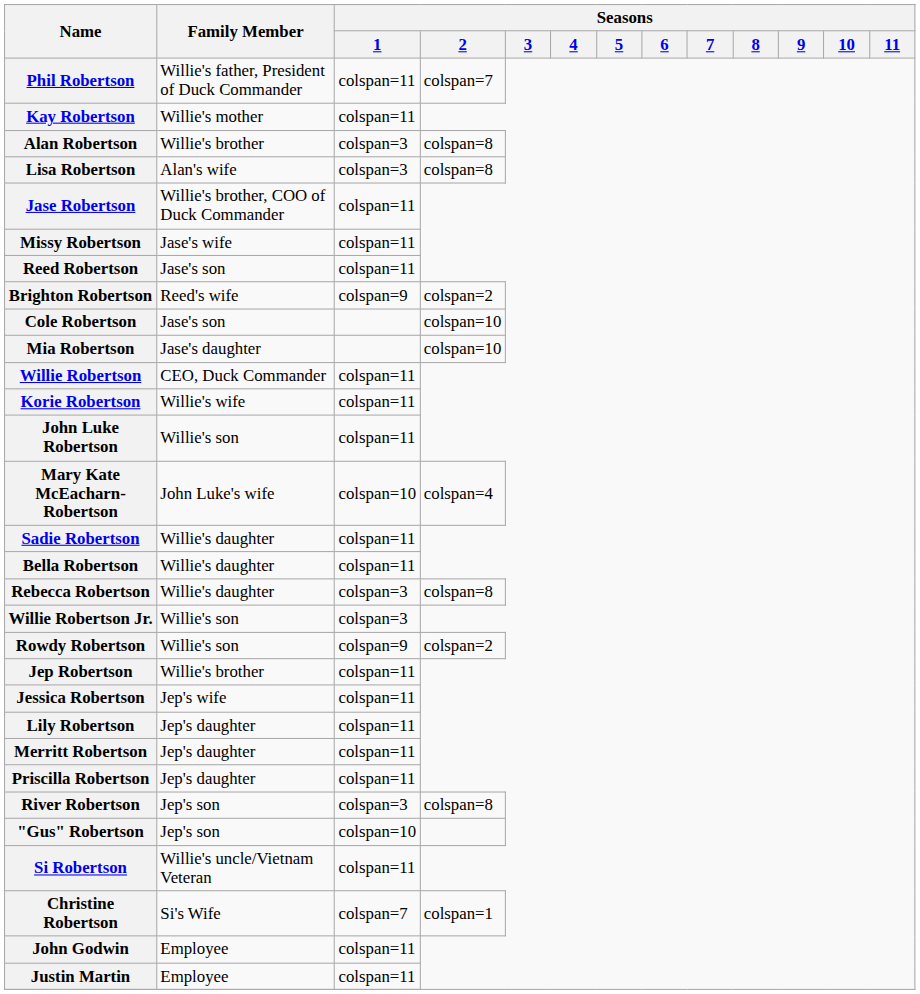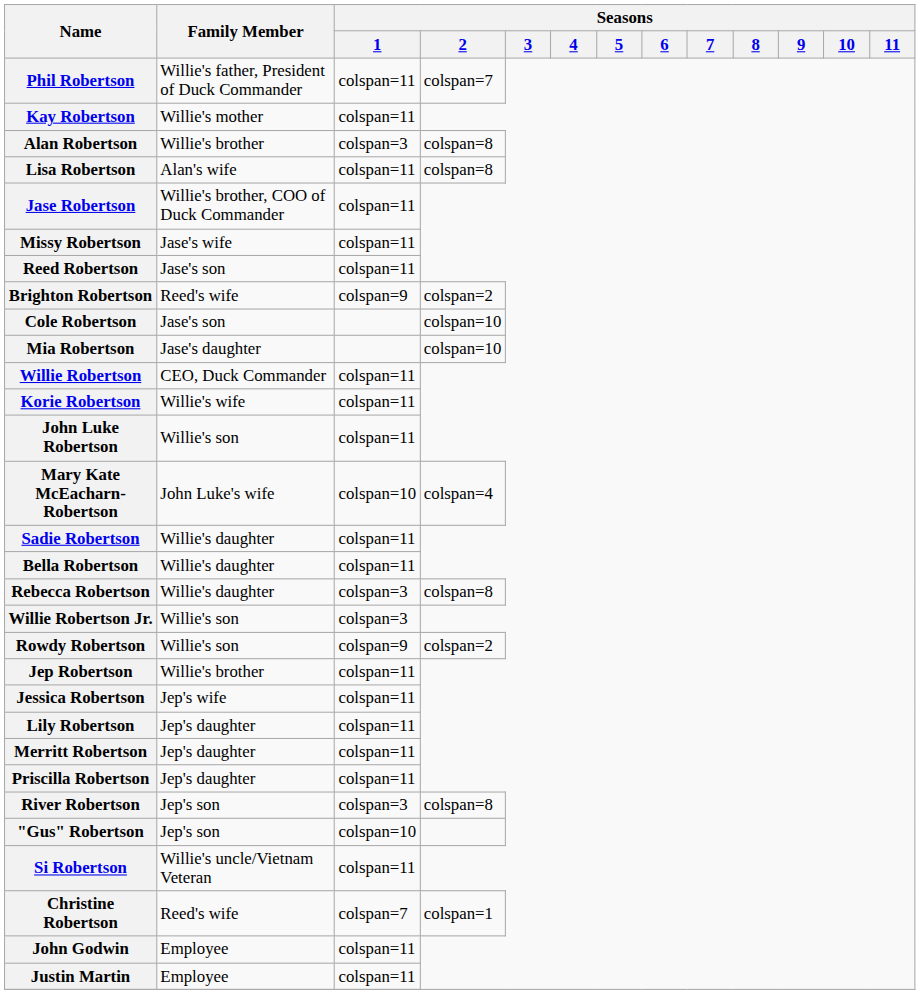 <table class="wikitable plainrowheaders">
 <tr>
 <th scope="col" rowspan="2">Name</th>
 <th scope="col" rowspan="2">Family Member</th>
 <th scope="col" colspan="11">Seasons</th>
 </tr>
 <tr>
 <th scope="col" style="width:5%;"><a href='#'>1</a></th>
 <th scope="col" style="width:5%;"><a href='#'>2</a></th>
 <th scope="col" style="width:5%;"><a href='#'>3</a></th>
 <th scope="col" style="width:5%;"><a href='#'>4</a></th>
 <th scope="col" style="width:5%;"><a href='#'>5</a></th>
 <th scope="col" style="width:5%;"><a href='#'>6</a></th>
 <th scope="col" style="width:5%;"><a href='#'>7</a></th>
 <th scope="col" style="width:5%;"><a href='#'>8</a></th>
 <th scope="col" style="width:5%;"><a href='#'>9</a></th>
 <th scope="col" style="width:5%;"><a href='#'>10</a></th>
 <th scope="col" style="width:5%;"><a href='#'>11</a></th>
 </tr>
 <tr>
 <th scope="row"><a href='#'>Phil Robertson</a></th>
 <td>Willie's father, President of Duck Commander</td>
 <td>colspan=11 </td>
 <td>colspan=7 </td>
 </tr>
 <tr>
 <th scope="row"><a href='#'>Kay Robertson</a></th>
 <td>Willie's mother</td>
 <td>colspan=11 </td>
 </tr>
 <tr>
 <th scope="row">Alan Robertson</th>
 <td>Willie's brother</td>
 <td>colspan=3 </td>
 <td>colspan=8 </td>
 </tr>
 <tr>
 <th scope="row">Lisa Robertson</th>
 <td>Alan's wife</td>
-<td>colspan=3 </td>
+<td>colspan=11 </td>
 <td>colspan=8 </td>
 </tr>
 <tr>
 <th scope="row"><a href='#'>Jase Robertson</a></th>
 <td>Willie's  brother, COO of Duck Commander</td>
 <td>colspan=11 </td>
 </tr>
 <tr>
 <th scope="row">Missy Robertson</th>
 <td>Jase's wife</td>
 <td>colspan=11 </td>
 </tr>
 <tr>
 <th scope="row">Reed Robertson</th>
 <td>Jase's son</td>
 <td>colspan=11 </td>
 </tr>
 <tr>
 <th scope="row">Brighton Robertson</th>
 <td>Reed's wife</td>
 <td>colspan=9 </td>
 <td>colspan=2 </td>
 </tr>
 <tr>
 <th scope="row">Cole Robertson</th>
 <td>Jase's son</td>
 <td></td>
 <td>colspan=10 </td>
 </tr>
 <tr>
 <th scope="row">Mia Robertson</th>
 <td>Jase's daughter</td>
 <td></td>
 <td>colspan=10 </td>
 </tr>
 <tr>
 <th scope="row"><a href='#'>Willie Robertson</a></th>
 <td>CEO, Duck Commander</td>
 <td>colspan=11 </td>
 </tr>
 <tr>
 <th scope="row"><a href='#'>Korie Robertson</a></th>
 <td>Willie's wife</td>
 <td>colspan=11 </td>
 </tr>
 <tr>
 <th scope="row">John Luke Robertson</th>
 <td>Willie's son</td>
 <td>colspan=11 </td>
 </tr>
 <tr>
 <th scope="row">Mary Kate McEacharn-Robertson</th>
 <td>John Luke's wife</td>
 <td>colspan=10 </td>
 <td>colspan=4 </td>
 </tr>
 <tr>
 <th scope="row"><a href='#'>Sadie Robertson</a></th>
 <td>Willie's daughter</td>
 <td>colspan=11 </td>
 </tr>
 <tr>
 <th scope="row">Bella Robertson</th>
 <td>Willie's daughter</td>
 <td>colspan=11 </td>
 </tr>
 <tr>
 <th scope="row">Rebecca Robertson</th>
 <td>Willie's daughter</td>
 <td>colspan=3 </td>
 <td>colspan=8 </td>
 </tr>
 <tr>
 <th scope="row">Willie Robertson Jr.</th>
 <td>Willie's son</td>
 <td>colspan=3 </td>
 </tr>
 <tr>
 <th scope="row">Rowdy Robertson</th>
 <td>Willie's son</td>
 <td>colspan=9 </td>
 <td>colspan=2 </td>
 </tr>
 <tr>
 <th scope="row">Jep Robertson</th>
 <td>Willie's brother</td>
 <td>colspan=11 </td>
 </tr>
 <tr>
 <th scope="row">Jessica Robertson</th>
 <td>Jep's wife</td>
 <td>colspan=11 </td>
 </tr>
 <tr>
 <th scope="row">Lily Robertson</th>
 <td>Jep's daughter</td>
 <td>colspan=11 </td>
 </tr>
 <tr>
 <th scope="row">Merritt Robertson</th>
 <td>Jep's daughter</td>
 <td>colspan=11 </td>
 </tr>
 <tr>
 <th scope="row">Priscilla Robertson</th>
 <td>Jep's daughter</td>
 <td>colspan=11 </td>
 </tr>
 <tr>
 <th scope="row">River Robertson</th>
 <td>Jep's son</td>
 <td>colspan=3 </td>
 <td>colspan=8 </td>
 </tr>
 <tr>
 <th scope="row">"Gus" Robertson</th>
 <td>Jep's son</td>
 <td>colspan=10 </td>
 <td></td>
 </tr>
 <tr>
 <th scope="row"><a href='#'>Si Robertson</a></th>
 <td>Willie's uncle/Vietnam Veteran</td>
 <td>colspan=11 </td>
 </tr>
 <tr>
 <th scope="row">Christine Robertson</th>
-<td>Si's Wife</td>
+<td>Reed's wife</td>
 <td>colspan=7 </td>
 <td>colspan=1 </td>
 </tr>
 <tr>
 <th scope="row">John Godwin</th>
 <td>Employee</td>
 <td>colspan=11 </td>
 </tr>
 <tr>
 <th scope="row">Justin Martin</th>
 <td>Employee</td>
 <td>colspan=11 </td>
 </tr>
 <tr>
 </tr>
 </table>
